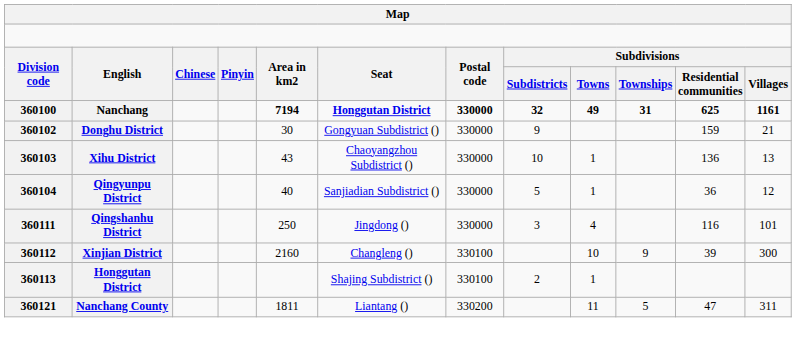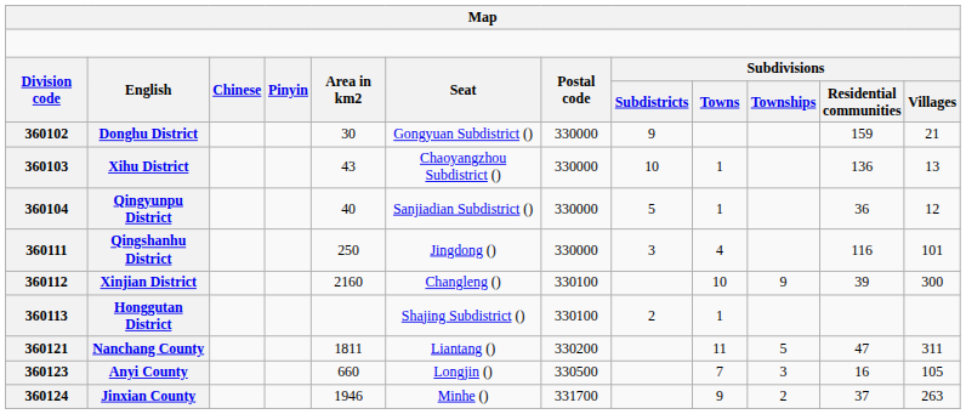 <table class="wikitable" align="center" style="width:70%; font-size:smaller" border="1">
 <tr>
 <th colspan="12">Map</th>
 </tr>
 <tr>
 <td colspan=12 align="center" style="font-size:larger"><br>               </td>
 </tr>
 <tr>
 <th ! scope="col" rowspan=2><a href='#'>Division code</a></th>
 <th ! scope="col" rowspan=2>English</th>
 <th ! scope="col" rowspan=2><a href='#'>Chinese</a></th>
 <th ! scope="col" rowspan=2><a href='#'>Pinyin</a></th>
 <th ! scope="col" rowspan=2>Area in km2</th>
 <th ! scope="col" rowspan=2>Seat</th>
 <th ! scope="col" rowspan=2>Postal code</th>
 <th ! scope="col" colspan=5>Subdivisions</th>
 </tr>
 <tr>
 <th ! scope="col" width="45"><a href='#'>Subdistricts</a></th>
 <th ! scope="col" width="45"><a href='#'>Towns</a></th>
 <th ! scope="col" width="45"><a href='#'>Townships</a></th>
 <th ! scope="col" width="45">Residential communities</th>
 <th ! scope="col" width="45">Villages</th>
-</tr>
-<tr align="center" style="font-weight:bold">
-<th>360100</th>
-<th>Nanchang</th>
-<td></td>
-<td></td>
-<td>7194</td>
-<td><a href='#'>Honggutan District</a></td>
-<td>330000</td>
-<td>32</td>
-<td>49</td>
-<td>31</td>
-<td>625</td>
-<td>1161</td>
 </tr>
 <tr align="center">
 <th>360102</th>
 <th><a href='#'>Donghu District</a></th>
 <td></td>
 <td></td>
 <td>30</td>
 <td><a href='#'>Gongyuan Subdistrict</a> ()</td>
 <td>330000</td>
 <td>9</td>
 <td></td>
 <td></td>
 <td>159</td>
 <td>21</td>
 </tr>
 <tr align="center">
 <th>360103</th>
 <th><a href='#'>Xihu District</a></th>
 <td></td>
 <td></td>
 <td>43</td>
 <td><a href='#'>Chaoyangzhou Subdistrict</a> ()</td>
 <td>330000</td>
 <td>10</td>
 <td>1</td>
 <td></td>
 <td>136</td>
 <td>13</td>
 </tr>
 <tr align="center">
 <th>360104</th>
 <th><a href='#'>Qingyunpu District</a></th>
 <td></td>
 <td></td>
 <td>40</td>
 <td><a href='#'>Sanjiadian Subdistrict</a> ()</td>
 <td>330000</td>
 <td>5</td>
 <td>1</td>
 <td></td>
 <td>36</td>
 <td>12</td>
 </tr>
 <tr align="center">
 <th>360111</th>
 <th><a href='#'>Qingshanhu District</a></th>
 <td></td>
 <td></td>
 <td>250</td>
 <td><a href='#'>Jingdong</a> ()</td>
 <td>330000</td>
 <td>3</td>
 <td>4</td>
 <td></td>
 <td>116</td>
 <td>101</td>
 </tr>
 <tr align="center">
 <th>360112</th>
 <th><a href='#'>Xinjian District</a></th>
 <td></td>
 <td></td>
 <td>2160</td>
 <td><a href='#'>Changleng</a> ()</td>
 <td>330100</td>
 <td></td>
 <td>10</td>
 <td>9</td>
 <td>39</td>
 <td>300</td>
 </tr>
 <tr align="center">
 <th>360113</th>
 <th><a href='#'>Honggutan District</a></th>
 <td></td>
 <td></td>
 <td></td>
 <td><a href='#'>Shajing Subdistrict</a> ()</td>
 <td>330100</td>
 <td>2</td>
 <td>1</td>
 <td></td>
 <td></td>
 <td></td>
 </tr>
 <tr align="center">
 <th>360121</th>
 <th><a href='#'>Nanchang County</a></th>
 <td></td>
 <td></td>
 <td>1811</td>
 <td><a href='#'>Liantang</a> ()</td>
 <td>330200</td>
 <td></td>
 <td>11</td>
 <td>5</td>
 <td>47</td>
 <td>311</td>
 </tr>
+<tr align="center">
+<th>360123</th>
+<th><a href='#'>Anyi County</a></th>
+<td></td>
+<td></td>
+<td>660</td>
+<td><a href='#'>Longjin</a> ()</td>
+<td>330500</td>
+<td></td>
+<td>7</td>
+<td>3</td>
+<td>16</td>
+<td>105</td>
+</tr>
+<tr align="center">
+<th>360124</th>
+<th><a href='#'>Jinxian County</a></th>
+<td></td>
+<td></td>
+<td>1946</td>
+<td><a href='#'>Minhe</a> ()</td>
+<td>331700</td>
+<td></td>
+<td>9</td>
+<td>2</td>
+<td>37</td>
+<td>263</td>
+</tr>
 </table>
